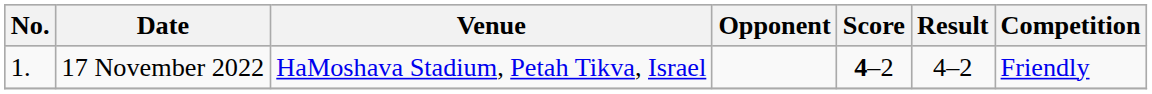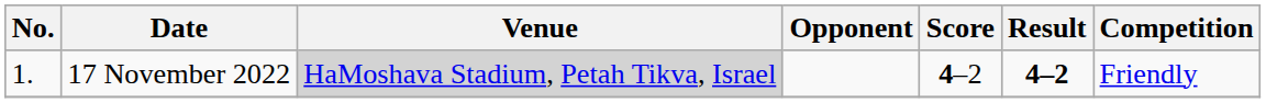 <table class="wikitable">
 <tr>
 <th>No.</th>
 <th>Date</th>
 <th>Venue</th>
 <th>Opponent</th>
 <th>Score</th>
 <th>Result</th>
 <th>Competition</th>
 </tr>
 <tr>
 <td>1.</td>
 <td>17 November 2022</td>
-<td><a href='#'>HaMoshava Stadium</a>, <a href='#'>Petah Tikva</a>, <a href='#'>Israel</a></td>
+<td style="background: lightgrey;"><a href='#'>HaMoshava Stadium</a>, <a href='#'>Petah Tikva</a>, <a href='#'>Israel</a></td>
 <td></td>
 <td align=center><strong>4</strong>–2</td>
-<td align=center>4–2</td>
+<td align=center><strong>4–2</strong></td>
 <td><a href='#'>Friendly</a></td>
 </tr>
 <tr>
 </tr>
 </table>
